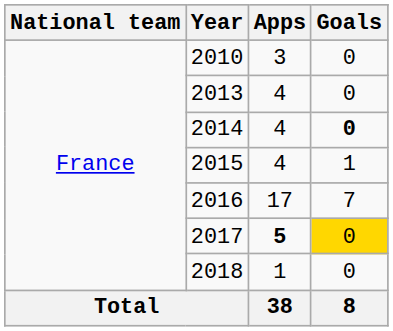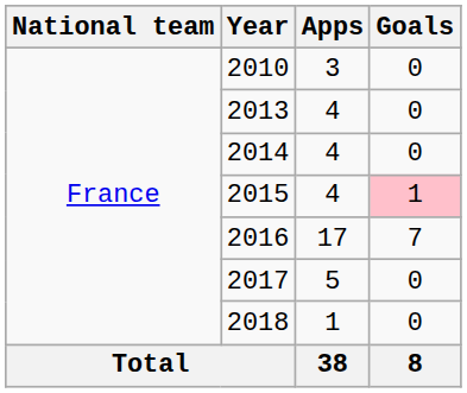 <table class="wikitable" style="text-align: center;">
 <tr>
 <th>National team</th>
 <th>Year</th>
 <th>Apps</th>
 <th>Goals</th>
 </tr>
 <tr>
 <td rowspan="7"><a href='#'>France</a></td>
 <td>2010</td>
 <td>3</td>
 <td>0</td>
 </tr>
 <tr>
 <td>2013</td>
 <td>4</td>
 <td>0</td>
 </tr>
 <tr>
 <td>2014</td>
 <td>4</td>
-<td><strong>0</strong></td>
+<td>0</td>
 </tr>
 <tr>
 <td>2015</td>
 <td>4</td>
-<td>1</td>
+<td style="background: pink;">1</td>
 </tr>
 <tr>
 <td>2016</td>
 <td>17</td>
 <td>7</td>
 </tr>
 <tr>
 <td>2017</td>
-<td><strong>5</strong></td>
-<td style="background: gold;">0</td>
+<td>5</td>
+<td>0</td>
 </tr>
 <tr>
 <td>2018</td>
 <td>1</td>
 <td>0</td>
 </tr>
 <tr>
 <th colspan="2">Total</th>
 <th>38</th>
 <th>8</th>
 </tr>
 </table>
